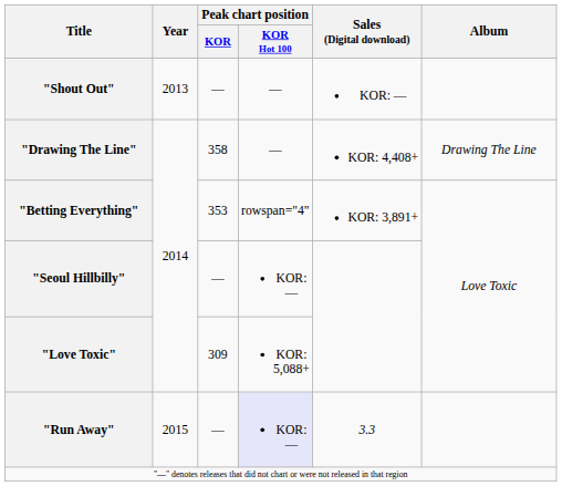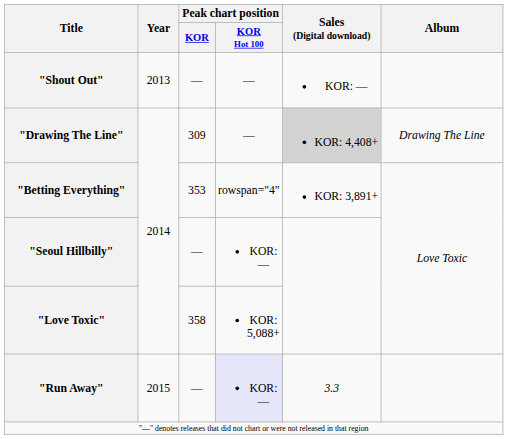 <table class="wikitable plainrowheaders" style="text-align:center;">
 <tr>
 <th scope="col" rowspan="2" style="width:11em;">Title</th>
 <th scope="col" rowspan="2" style="width:3em;">Year</th>
 <th scope="col" colspan="2">Peak chart position</th>
 <th scope="col" rowspan="2">Sales<br><small>(Digital download)</small></th>
 <th scope="col" rowspan="2" style="width:10em;">Album</th>
 </tr>
 <tr>
 <th scope="col" style="width:3em;font-size:90%;"><a href='#'>KOR</a><br></th>
 <th scope="col" style="width:3em;font-size:90%;"><a href='#'>KOR<br><small>Hot 100</small></a><br></th>
 </tr>
 <tr>
 <th scope="row">"Shout Out"</th>
 <td>2013</td>
 <td>—</td>
 <td>—</td>
 <td><br><ul><li>KOR: —</li></ul></td>
 <td></td>
 </tr>
 <tr>
 <th scope="row">"Drawing The Line"</th>
 <td rowspan="4">2014</td>
-<td>358</td>
+<td>309</td>
 <td>—</td>
-<td><br><ul><li>KOR: 4,408+</li></ul></td>
+<td style="background: lightgrey;"><br><ul><li>KOR: 4,408+</li></ul></td>
 <td><em>Drawing The Line</em></td>
 </tr>
 <tr>
 <th scope="row">"Betting Everything"</th>
 <td>353</td>
 <td>rowspan="4" </td>
 <td><br><ul><li>KOR: 3,891+</li></ul></td>
 <td rowspan="3"><em>Love Toxic</em></td>
 </tr>
 <tr>
 <th scope="row">"Seoul Hillbilly"</th>
 <td>—</td>
 <td><br><ul><li>KOR: —</li></ul></td>
 </tr>
 <tr>
 <th scope="row">"Love Toxic"</th>
-<td>309</td>
+<td>358</td>
 <td><br><ul><li>KOR: 5,088+</li></ul></td>
 </tr>
 <tr>
 <th scope="row">"Run Away"</th>
 <td>2015</td>
 <td>—</td>
 <td style="background: lavender;"><br><ul><li>KOR: —</li></ul></td>
 <td><em>3.3</em></td>
 </tr>
 <tr>
 <td colspan="6" style="font-size:8pt;">"—" denotes releases that did not chart or were not released in that region</td>
 </tr>
 </table>
